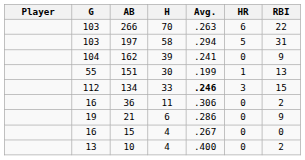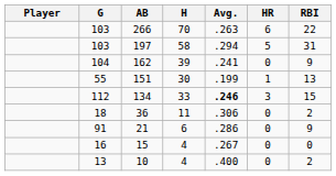 <table class="wikitable sortable">
 <tr>
 <th bgcolor="#DDDDFF" width="16%'">Player</th>
 <th bgcolor="#DDDDFF" width="9%">G</th>
 <th bgcolor="#DDDDFF" width="9%">AB</th>
 <th bgcolor="#DDDDFF" width="9%">H</th>
 <th bgcolor="#DDDDFF" width="9%">Avg.</th>
 <th bgcolor="#DDDDFF" width="9%">HR</th>
 <th bgcolor="#DDDDFF" width="9%">RBI</th>
 </tr>
 <tr align="center">
 <td></td>
 <td>103</td>
 <td>266</td>
 <td>70</td>
 <td>.263</td>
 <td>6</td>
 <td>22</td>
 </tr>
 <tr align="center">
 <td></td>
 <td>103</td>
 <td>197</td>
 <td>58</td>
 <td>.294</td>
 <td>5</td>
 <td>31</td>
 </tr>
 <tr align="center">
 <td></td>
 <td>104</td>
 <td>162</td>
 <td>39</td>
 <td>.241</td>
 <td>0</td>
 <td>9</td>
 </tr>
 <tr align="center">
 <td></td>
 <td>55</td>
 <td>151</td>
 <td>30</td>
 <td>.199</td>
 <td>1</td>
 <td>13</td>
 </tr>
 <tr align="center">
 <td></td>
 <td>112</td>
 <td>134</td>
 <td>33</td>
 <td><strong>.246</strong></td>
 <td>3</td>
 <td>15</td>
 </tr>
 <tr align="center">
 <td></td>
-<td>16</td>
+<td>18</td>
 <td>36</td>
 <td>11</td>
 <td>.306</td>
 <td>0</td>
 <td>2</td>
 </tr>
 <tr align="center">
 <td></td>
-<td>19</td>
+<td>91</td>
 <td>21</td>
 <td>6</td>
 <td>.286</td>
 <td>0</td>
 <td>9</td>
 </tr>
 <tr align="center">
 <td></td>
 <td>16</td>
 <td>15</td>
 <td>4</td>
 <td>.267</td>
 <td>0</td>
 <td>0</td>
 </tr>
 <tr align="center">
 <td></td>
 <td>13</td>
 <td>10</td>
 <td>4</td>
 <td>.400</td>
 <td>0</td>
 <td>2</td>
 </tr>
 </table>
